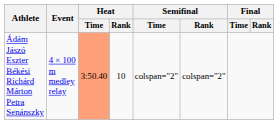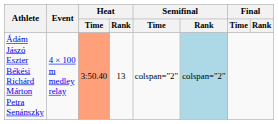 <table class="wikitable" style="text-align:center; font-size:90%; width:50%;">
 <tr>
 <th rowspan="2">Athlete</th>
 <th rowspan="2">Event</th>
 <th colspan="2">Heat</th>
 <th colspan="2">Semifinal</th>
 <th colspan="2">Final</th>
 </tr>
 <tr style="font-size:95%">
 <th>Time</th>
 <th>Rank</th>
 <th>Time</th>
 <th>Rank</th>
 <th>Time</th>
 <th>Rank</th>
 </tr>
 <tr>
 <td align=left><a href='#'>Ádám Jászó</a><br><a href='#'>Eszter Békési</a> <br><a href='#'>Richárd Márton</a><br><a href='#'>Petra Senánszky</a></td>
 <td align=left><a href='#'>4 × 100 m medley relay</a></td>
 <td style="background: lightsalmon;">3:50.40</td>
-<td>10</td>
+<td>13</td>
 <td>colspan="2" </td>
-<td>colspan="2"  </td>
+<td style="background: lightblue;">colspan="2"  </td>
 </tr>
 </table>
